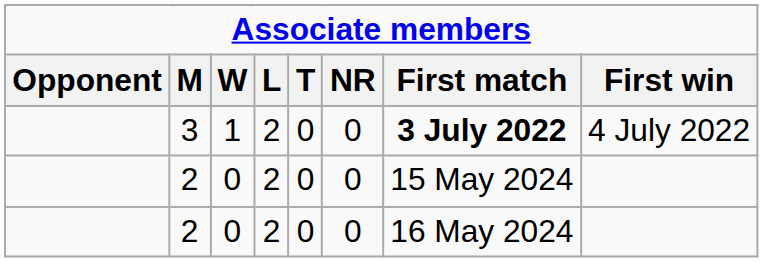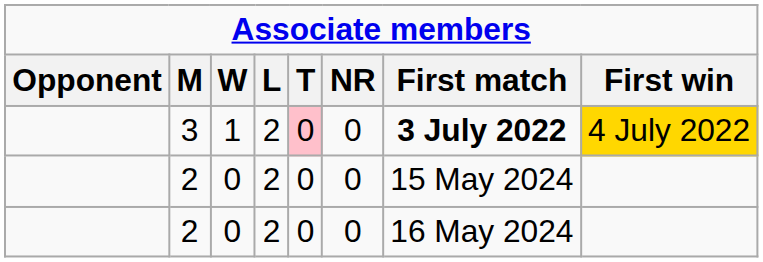 <table class="wikitable" style="text-align: center;">
 <tr>
 <td colspan="30" style="text-align: center;"><strong><a href='#'>Associate members</a></strong></td>
 </tr>
 <tr>
 <th>Opponent</th>
 <th>M</th>
 <th>W</th>
 <th>L</th>
 <th>T</th>
 <th>NR</th>
 <th>First match</th>
 <th>First win</th>
 </tr>
 <tr>
 <td></td>
 <td>3</td>
 <td>1</td>
 <td>2</td>
-<td>0</td>
+<td style="background: pink;">0</td>
 <td>0</td>
 <td><strong>3 July 2022</strong></td>
-<td>4 July 2022</td>
+<td style="background: gold;">4 July 2022</td>
 </tr>
 <tr>
 <td></td>
 <td>2</td>
 <td>0</td>
 <td>2</td>
 <td>0</td>
 <td>0</td>
 <td>15 May 2024</td>
 <td></td>
 </tr>
 <tr>
 <td></td>
 <td>2</td>
 <td>0</td>
 <td>2</td>
 <td>0</td>
 <td>0</td>
 <td>16 May 2024</td>
 <td></td>
 </tr>
 </table>
